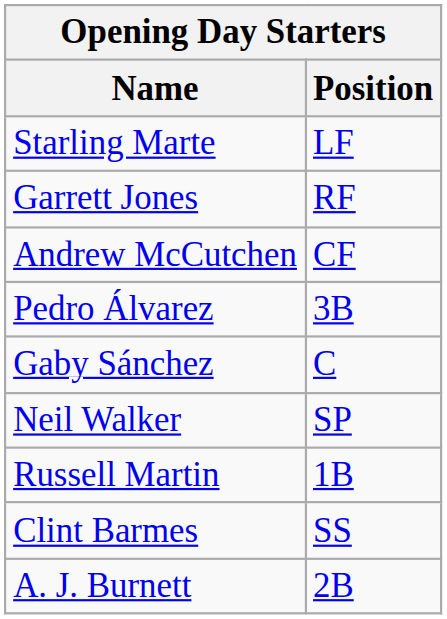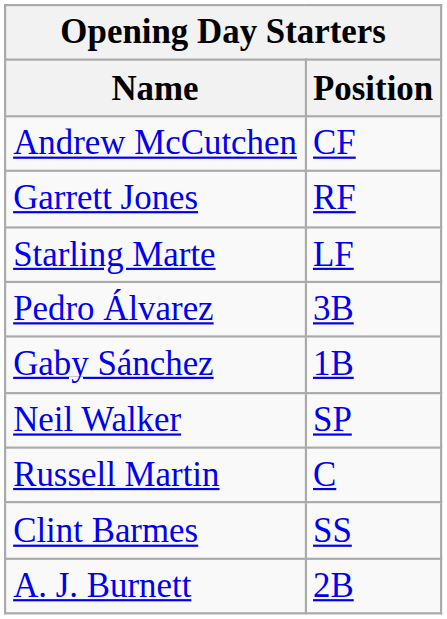 <table class="wikitable" style="text-align:left">
 <tr>
 <th colspan="2">Opening Day Starters</th>
 </tr>
 <tr>
 <th>Name</th>
 <th>Position</th>
 </tr>
 <tr>
-<td><a href='#'>Starling Marte</a></td>
-<td><a href='#'>LF</a></td>
+<td><a href='#'>Andrew McCutchen</a></td>
+<td><a href='#'>CF</a></td>
 </tr>
 <tr>
 <td><a href='#'>Garrett Jones</a></td>
 <td><a href='#'>RF</a></td>
 </tr>
 <tr>
-<td><a href='#'>Andrew McCutchen</a></td>
-<td><a href='#'>CF</a></td>
+<td><a href='#'>Starling Marte</a></td>
+<td><a href='#'>LF</a></td>
 </tr>
 <tr>
 <td><a href='#'>Pedro Álvarez</a></td>
 <td><a href='#'>3B</a></td>
 </tr>
 <tr>
 <td><a href='#'>Gaby Sánchez</a></td>
-<td><a href='#'>C</a></td>
+<td><a href='#'>1B</a></td>
 </tr>
 <tr>
 <td><a href='#'>Neil Walker</a></td>
 <td><a href='#'>SP</a></td>
 </tr>
 <tr>
 <td><a href='#'>Russell Martin</a></td>
-<td><a href='#'>1B</a></td>
+<td><a href='#'>C</a></td>
 </tr>
 <tr>
 <td><a href='#'>Clint Barmes</a></td>
 <td><a href='#'>SS</a></td>
 </tr>
 <tr>
 <td><a href='#'>A. J. Burnett</a></td>
 <td><a href='#'>2B</a></td>
 </tr>
 </table>
